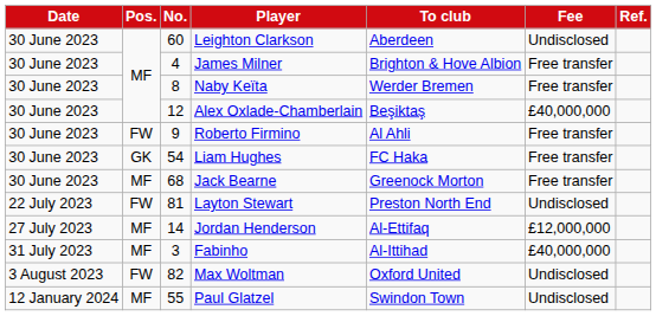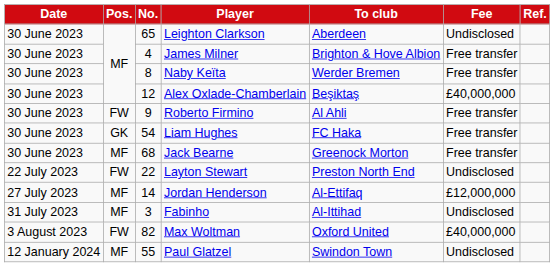 <table class="wikitable plainrowheaders sortable">
 <tr>
 <th style="background:#D10A11; color:#ffffff; ">Date</th>
 <th style="background:#D10A11; color:#ffffff; ">Pos.</th>
 <th style="background:#D10A11; color:#ffffff; ">No.</th>
 <th style="background:#D10A11; color:#ffffff; ">Player</th>
 <th style="background:#D10A11; color:#ffffff; ">To club</th>
 <th style="background:#D10A11; color:#ffffff; ">Fee</th>
 <th style="background:#D10A11; color:#ffffff; ">Ref.</th>
 </tr>
 <tr>
 <td>30 June 2023</td>
 <td rowspan="4" style="text-align:center;">MF</td>
-<td style="text-align:center;">60</td>
+<td style="text-align:center;">65</td>
 <td style="text-align:left;"> <a href='#'>Leighton Clarkson</a></td>
 <td style="text-align:left;"> <a href='#'>Aberdeen</a></td>
 <td> Undisclosed</td>
 <td></td>
 </tr>
 <tr>
 <td>30 June 2023</td>
 <td style="text-align:center;">4</td>
 <td style="text-align:left;"> <a href='#'>James Milner</a></td>
 <td style="text-align:left;"> <a href='#'>Brighton & Hove Albion</a></td>
 <td> Free transfer</td>
 <td></td>
 </tr>
 <tr>
 <td>30 June 2023</td>
 <td style="text-align:center;">8</td>
 <td style="text-align:left;"> <a href='#'>Naby Keïta</a></td>
 <td style="text-align:left;"> <a href='#'>Werder Bremen</a></td>
 <td> Free transfer</td>
 <td></td>
 </tr>
 <tr>
 <td>30 June 2023</td>
 <td style="text-align:center;">12</td>
 <td style="text-align:left;"> <a href='#'>Alex Oxlade-Chamberlain</a></td>
 <td style="text-align:left;"> <a href='#'>Beşiktaş</a></td>
 <td> £40,000,000</td>
 <td></td>
 </tr>
 <tr>
 <td>30 June 2023</td>
 <td style="text-align:center;">FW</td>
 <td style="text-align:center;">9</td>
 <td style="text-align:left;"> <a href='#'>Roberto Firmino</a></td>
 <td style="text-align:left;"> <a href='#'>Al Ahli</a></td>
 <td> Free transfer</td>
 <td></td>
 </tr>
 <tr>
 <td>30 June 2023</td>
 <td style="text-align:center;">GK</td>
 <td style="text-align:center;">54</td>
 <td style="text-align:left;"> <a href='#'>Liam Hughes</a></td>
 <td style="text-align:left;"> <a href='#'>FC Haka</a></td>
 <td> Free transfer</td>
 <td></td>
 </tr>
 <tr>
 <td>30 June 2023</td>
 <td style="text-align:center;">MF</td>
 <td style="text-align:center;">68</td>
 <td style="text-align:left;"> <a href='#'>Jack Bearne</a></td>
 <td style="text-align:left;"> <a href='#'>Greenock Morton</a></td>
 <td> Free transfer</td>
 <td></td>
 </tr>
 <tr>
 <td>22 July 2023</td>
 <td style="text-align:center;">FW</td>
-<td style="text-align:center;">81</td>
+<td style="text-align:center;">22</td>
 <td style="text-align:left;"> <a href='#'>Layton Stewart</a></td>
 <td style="text-align:left;"> <a href='#'>Preston North End</a></td>
 <td> Undisclosed</td>
 <td></td>
 </tr>
 <tr>
 <td>27 July 2023</td>
 <td style="text-align:center;">MF</td>
 <td style="text-align:center;">14</td>
 <td style="text-align:left;"> <a href='#'>Jordan Henderson</a></td>
 <td style="text-align:left;"> <a href='#'>Al-Ettifaq</a></td>
 <td> £12,000,000</td>
 <td></td>
 </tr>
 <tr>
 <td>31 July 2023</td>
 <td style="text-align:center;">MF</td>
 <td style="text-align:center;">3</td>
 <td style="text-align:left;"> <a href='#'>Fabinho</a></td>
 <td style="text-align:left;"> <a href='#'>Al-Ittihad</a></td>
-<td> £40,000,000</td>
+<td> Undisclosed</td>
 <td></td>
 </tr>
 <tr>
 <td>3 August 2023</td>
 <td style="text-align:center;">FW</td>
 <td style="text-align:center;">82</td>
 <td style="text-align:left;"> <a href='#'>Max Woltman</a></td>
 <td style="text-align:left;"> <a href='#'>Oxford United</a></td>
-<td> Undisclosed</td>
+<td> £40,000,000</td>
 <td></td>
 </tr>
 <tr>
 <td>12 January 2024</td>
 <td style="text-align:center;">MF</td>
 <td style="text-align:center;">55</td>
 <td style="text-align:left;"> <a href='#'>Paul Glatzel</a></td>
 <td style="text-align:left;"> <a href='#'>Swindon Town</a></td>
 <td> Undisclosed</td>
 <td></td>
 </tr>
 </table>
